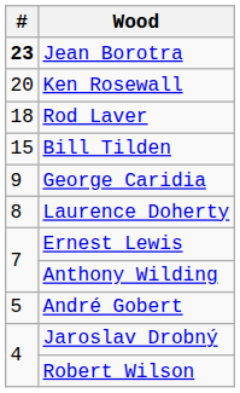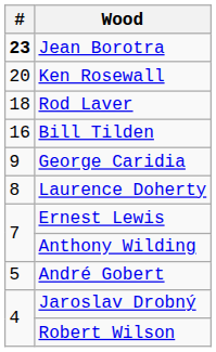 <table class=wikitable style="display:inline-table;">
 <tr>
 <th>#</th>
 <th>Wood</th>
 </tr>
 <tr>
 <td><strong>23</strong></td>
 <td> <a href='#'>Jean Borotra</a></td>
 </tr>
 <tr>
 <td>20</td>
 <td> <a href='#'>Ken Rosewall</a></td>
 </tr>
 <tr>
 <td>18</td>
 <td> <a href='#'>Rod Laver</a></td>
 </tr>
 <tr>
-<td>15</td>
+<td>16</td>
 <td> <a href='#'>Bill Tilden</a></td>
 </tr>
 <tr>
 <td>9</td>
 <td> <a href='#'>George Caridia</a></td>
 </tr>
 <tr>
 <td>8</td>
 <td> <a href='#'>Laurence Doherty</a></td>
 </tr>
 <tr>
 <td rowspan="2">7</td>
 <td> <a href='#'>Ernest Lewis</a></td>
 </tr>
 <tr>
 <td> <a href='#'>Anthony Wilding</a></td>
 </tr>
 <tr>
 <td>5</td>
 <td> <a href='#'>André Gobert</a></td>
 </tr>
 <tr>
 <td rowspan="2">4</td>
 <td> <a href='#'>Jaroslav Drobný</a></td>
 </tr>
 <tr>
 <td> <a href='#'>Robert Wilson</a></td>
 </tr>
 </table>
